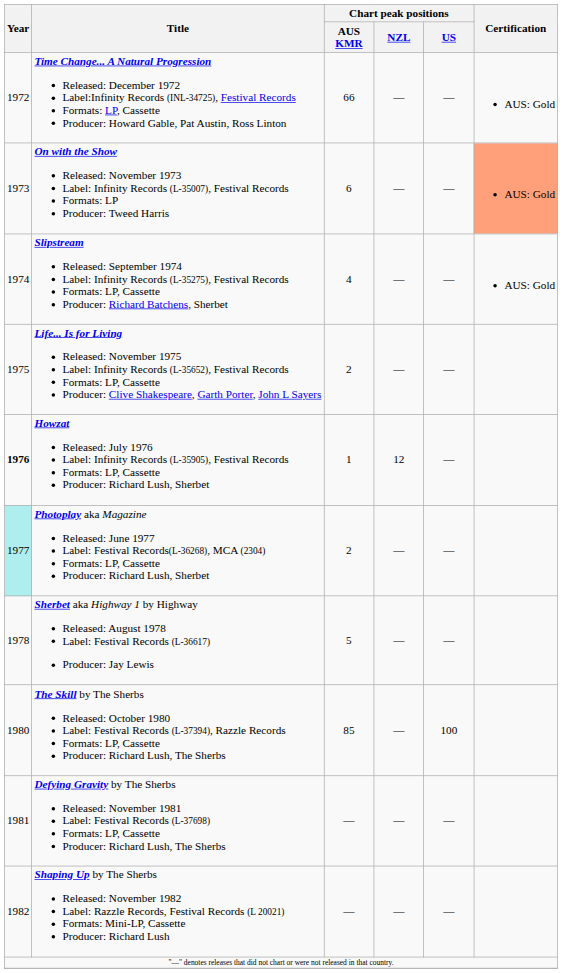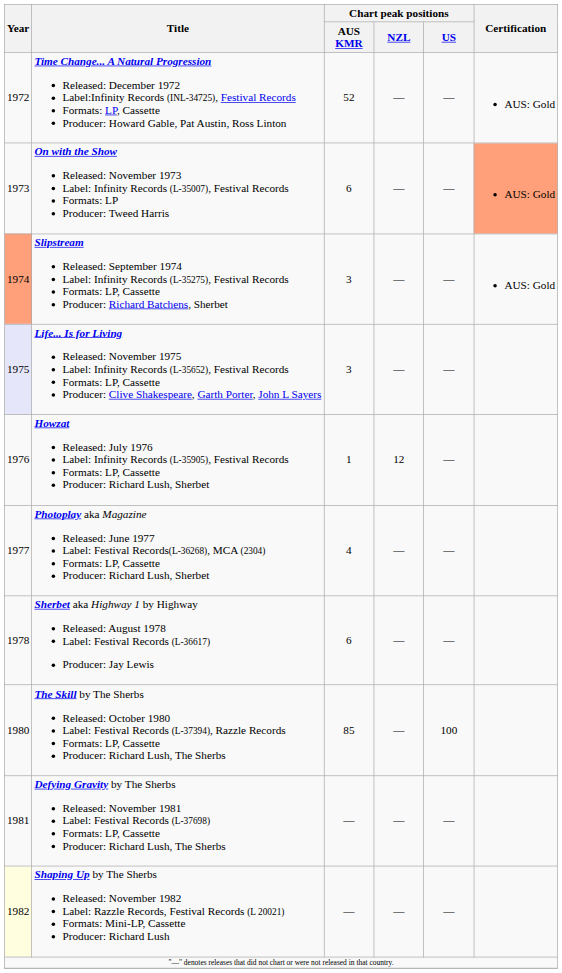 <table class="wikitable">
 <tr>
 <th rowspan="2">Year</th>
 <th rowspan="2">Title</th>
 <th colspan="3">Chart peak positions</th>
 <th rowspan="2">Certification</th>
 </tr>
 <tr>
 <th style="width:4em">AUS<br><a href='#'>KMR</a><br></th>
 <th style="width:4em"><a href='#'>NZL</a><br></th>
 <th style="width:4em"><a href='#'>US</a><br></th>
 </tr>
 <tr>
 <td align="center">1972</td>
 <td><strong><em><a href='#'>Time Change... A Natural Progression</a></em></strong><br><ul><li>Released: December 1972</li><li>Label:Infinity Records <small>(INL-34725)</small>, <a href='#'>Festival Records</a></li><li>Formats: <a href='#'>LP</a>, Cassette</li><li>Producer: Howard Gable, Pat Austin, Ross Linton</li></ul></td>
-<td align="center">66</td>
+<td align="center">52</td>
 <td align="center">—</td>
 <td align="center">—</td>
 <td><br><ul><li>AUS: Gold</li></ul></td>
 </tr>
 <tr>
 <td align="center">1973</td>
 <td><strong><em><a href='#'>On with the Show</a></em></strong><br><ul><li>Released: November 1973</li><li>Label: Infinity Records <small>(L-35007)</small>, Festival Records</li><li>Formats: LP</li><li>Producer: Tweed Harris</li></ul></td>
 <td align="center">6</td>
 <td align="center">—</td>
 <td align="center">—</td>
 <td style="background: lightsalmon;"><br><ul><li>AUS: Gold</li></ul></td>
 </tr>
 <tr>
-<td align="center">1974</td>
+<td align="center" style="background: lightsalmon;">1974</td>
 <td><strong><em><a href='#'>Slipstream</a></em></strong><br><ul><li>Released: September 1974</li><li>Label: Infinity Records <small>(L-35275)</small>, Festival Records</li><li>Formats: LP, Cassette</li><li>Producer: <a href='#'>Richard Batchens</a>, Sherbet</li></ul></td>
-<td align="center">4</td>
+<td align="center">3</td>
 <td align="center">—</td>
 <td align="center">—</td>
 <td><br><ul><li>AUS: Gold</li></ul></td>
 </tr>
 <tr>
-<td align="center">1975</td>
+<td align="center" style="background: lavender;">1975</td>
 <td><strong><em><a href='#'>Life... Is for Living</a></em></strong><br><ul><li>Released: November 1975</li><li>Label: Infinity Records <small>(L-35652)</small>, Festival Records</li><li>Formats: LP, Cassette</li><li>Producer: <a href='#'>Clive Shakespeare</a>, <a href='#'>Garth Porter</a>, <a href='#'>John L Sayers</a></li></ul></td>
-<td align="center">2</td>
+<td align="center">3</td>
 <td align="center">—</td>
 <td align="center">—</td>
 <td></td>
 </tr>
 <tr>
-<td align="center"><strong>1976</strong></td>
+<td align="center">1976</td>
 <td><strong><em><a href='#'>Howzat</a></em></strong><br><ul><li>Released: July 1976</li><li>Label: Infinity Records <small>(L-35905)</small>, Festival Records</li><li>Formats: LP, Cassette</li><li>Producer: Richard Lush, Sherbet</li></ul></td>
 <td align="center">1</td>
 <td align="center">12</td>
 <td align="center">—</td>
 <td></td>
 </tr>
 <tr>
-<td align="center" style="background: paleturquoise;">1977</td>
+<td align="center">1977</td>
 <td><strong><em><a href='#'>Photoplay</a></em></strong> aka <em>Magazine</em><br><ul><li>Released:  June 1977</li><li>Label: Festival Records<small>(L-36268)</small>, MCA <small>(2304)</small></li><li>Formats: LP, Cassette</li><li>Producer: Richard Lush, Sherbet</li></ul></td>
-<td align="center">2</td>
+<td align="center">4</td>
 <td align="center">—</td>
 <td align="center">—</td>
 <td></td>
 </tr>
 <tr>
 <td align="center">1978</td>
 <td><strong><em><a href='#'>Sherbet</a></em></strong> aka <em>Highway 1</em> by Highway<br><ul><li>Released: August 1978</li><li>Label: Festival Records <small>(L-36617)</small></li></ul><ul><li>Producer: Jay Lewis</li></ul></td>
-<td align="center">5</td>
+<td align="center">6</td>
 <td align="center">—</td>
 <td align="center">—</td>
 <td></td>
 </tr>
 <tr>
 <td align="center" rowspan="1">1980</td>
 <td><strong><em><a href='#'>The Skill</a></em></strong> by The Sherbs<br><ul><li>Released: October 1980</li><li>Label: Festival Records <small>(L-37394)</small>, Razzle Records</li><li>Formats: LP, Cassette</li><li>Producer: Richard Lush, The Sherbs</li></ul></td>
 <td align="center">85</td>
 <td align="center">—</td>
 <td align="center">100</td>
 <td></td>
 </tr>
 <tr>
 <td align="center" rowspan="1">1981</td>
 <td><strong><em><a href='#'>Defying Gravity</a></em></strong> by The Sherbs<br><ul><li>Released: November 1981</li><li>Label: Festival Records <small>(L-37698)</small></li><li>Formats: LP, Cassette</li><li>Producer: Richard Lush, The Sherbs</li></ul></td>
 <td align="center">—</td>
 <td align="center">—</td>
 <td align="center">—</td>
 <td></td>
 </tr>
 <tr>
-<td align="center">1982</td>
+<td align="center" style="background: lightyellow;">1982</td>
 <td><strong><em><a href='#'>Shaping Up</a></em></strong> by The Sherbs<br><ul><li>Released: November 1982</li><li>Label: Razzle Records, Festival Records <small>(L 20021)</small></li><li>Formats: Mini-LP, Cassette</li><li>Producer: Richard Lush</li></ul></td>
 <td align="center">—</td>
 <td align="center">—</td>
 <td align="center">—</td>
 <td></td>
 </tr>
 <tr>
 <td align="center" colspan="8" style="font-size: 8pt">"—" denotes releases that did not chart or were not released in that country.</td>
 </tr>
 <tr>
 </tr>
 </table>
